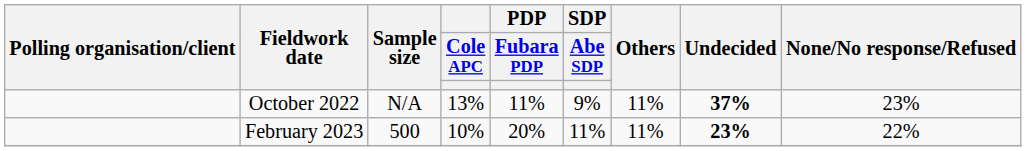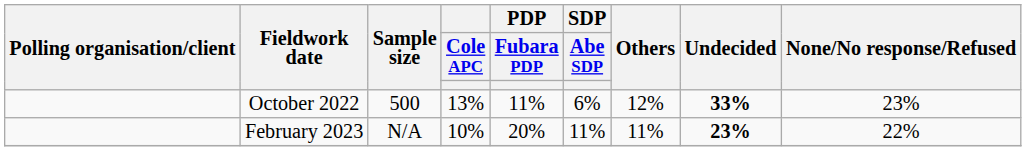 <table class="wikitable" style="text-align:center;font-size:95%;line-height:14px;">
 <tr>
 <th rowspan="3">Polling organisation/client</th>
 <th rowspan="3">Fieldwork<br>date</th>
 <th rowspan="3">Sample<br>size</th>
 <th></th>
 <th><div><span> <strong>PDP</strong></span></div></th>
 <th><div><span> <strong>SDP</strong></span></div></th>
 <th rowspan="3">Others</th>
 <th rowspan="3">Undecided</th>
 <th rowspan="3">None/No response/Refused</th>
 </tr>
 <tr>
 <th><a href='#'>Cole</a><br><small><a href='#'>APC</a></small></th>
 <th><a href='#'>Fubara</a><br><small><a href='#'>PDP</a></small></th>
 <th><a href='#'>Abe</a><br><small><a href='#'>SDP</a></small></th>
 </tr>
 <tr>
 <th style="background:"></th>
 <th style="background:"></th>
 <th style="background:"></th>
 </tr>
 <tr>
 <td></td>
 <td>October 2022</td>
-<td>N/A</td>
+<td>500</td>
 <td>13%</td>
 <td>11%</td>
-<td>9%</td>
-<td>11%</td>
-<td><strong>37%</strong></td>
+<td>6%</td>
+<td>12%</td>
+<td><strong>33%</strong></td>
 <td>23%</td>
 </tr>
 <tr>
 <td></td>
 <td>February 2023</td>
-<td>500</td>
+<td>N/A</td>
 <td>10%</td>
 <td>20%</td>
 <td>11%</td>
 <td>11%</td>
 <td><strong>23%</strong></td>
 <td>22%</td>
 </tr>
 <tr>
 </tr>
 </table>
